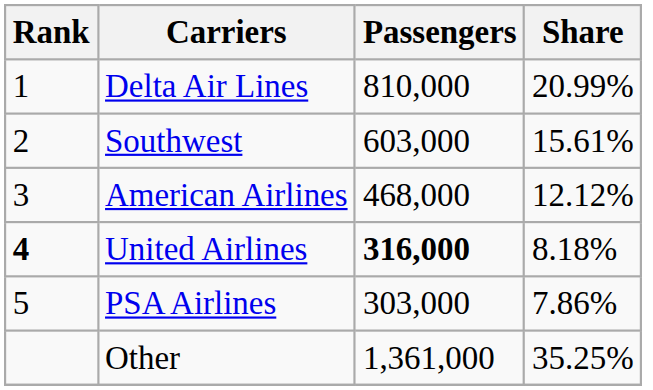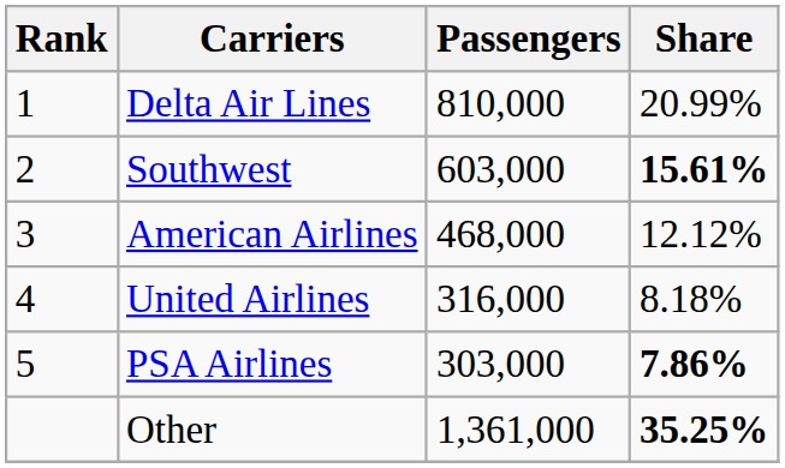 <table class="wikitable sortable" style="font-size: 95%" width= align=>
 <tr>
 <th>Rank</th>
 <th>Carriers</th>
 <th>Passengers</th>
 <th>Share</th>
 </tr>
 <tr>
 <td>1</td>
 <td><a href='#'>Delta Air Lines</a></td>
 <td>810,000</td>
 <td>20.99%</td>
 </tr>
 <tr>
 <td>2</td>
 <td><a href='#'>Southwest</a></td>
 <td>603,000</td>
-<td>15.61%</td>
+<td><strong>15.61%</strong></td>
 </tr>
 <tr>
 <td>3</td>
 <td><a href='#'>American Airlines</a></td>
 <td>468,000</td>
 <td>12.12%</td>
 </tr>
 <tr>
-<td><strong>4</strong></td>
+<td>4</td>
 <td><a href='#'>United Airlines</a></td>
-<td><strong>316,000</strong></td>
+<td>316,000</td>
 <td>8.18%</td>
 </tr>
 <tr>
 <td>5</td>
 <td><a href='#'>PSA Airlines</a></td>
 <td>303,000</td>
-<td>7.86%</td>
+<td><strong>7.86%</strong></td>
 </tr>
 <tr>
 <td></td>
 <td>Other</td>
 <td>1,361,000</td>
-<td>35.25%</td>
+<td><strong>35.25%</strong></td>
 </tr>
 <tr>
 </tr>
 </table>
